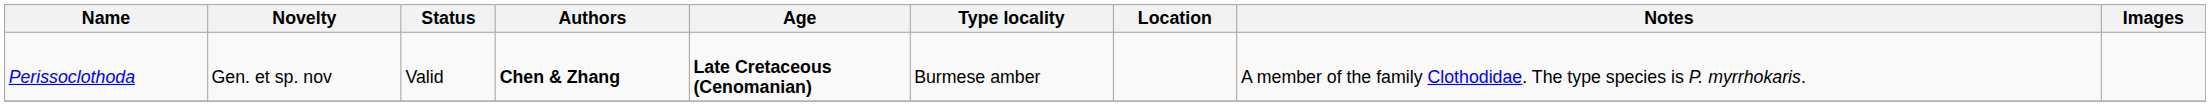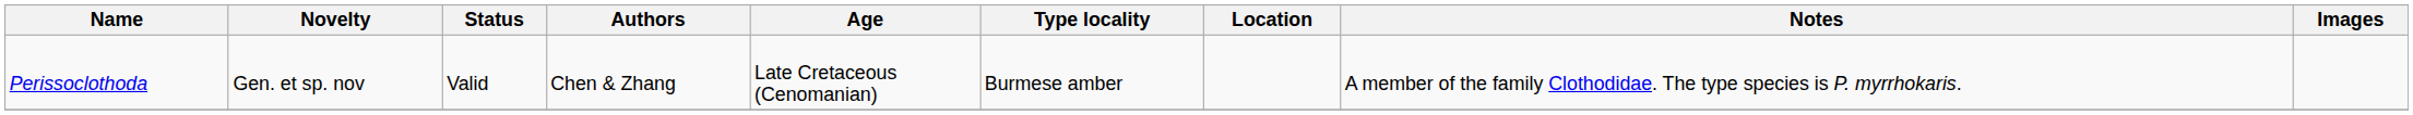 <table class="wikitable sortable" align="center" width="100%">
 <tr>
 <th>Name</th>
 <th>Novelty</th>
 <th>Status</th>
 <th>Authors</th>
 <th>Age</th>
 <th>Type locality</th>
 <th>Location</th>
 <th>Notes</th>
 <th>Images</th>
 </tr>
 <tr>
 <td><br><em><a href='#'>Perissoclothoda</a></em></td>
 <td><br>Gen. et sp. nov</td>
 <td><br>Valid</td>
-<td><strong><br>Chen & Zhang</strong></td>
-<td><strong><br>Late Cretaceous<br> (Cenomanian)</strong></td>
+<td><br>Chen & Zhang</td>
+<td><br>Late Cretaceous<br> (Cenomanian)</td>
 <td><br>Burmese amber</td>
 <td><br></td>
 <td><br>A member of the family <a href='#'>Clothodidae</a>. The type species is <em>P. myrrhokaris</em>.</td>
 <td></td>
 </tr>
 <tr>
 </tr>
 </table>
